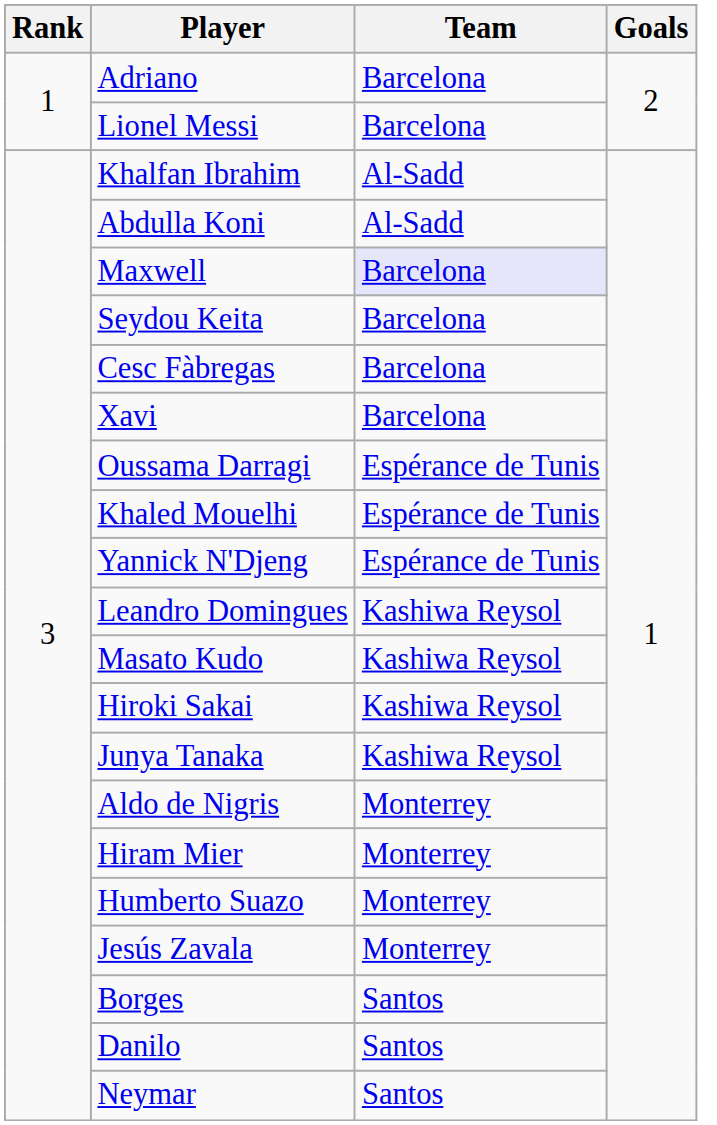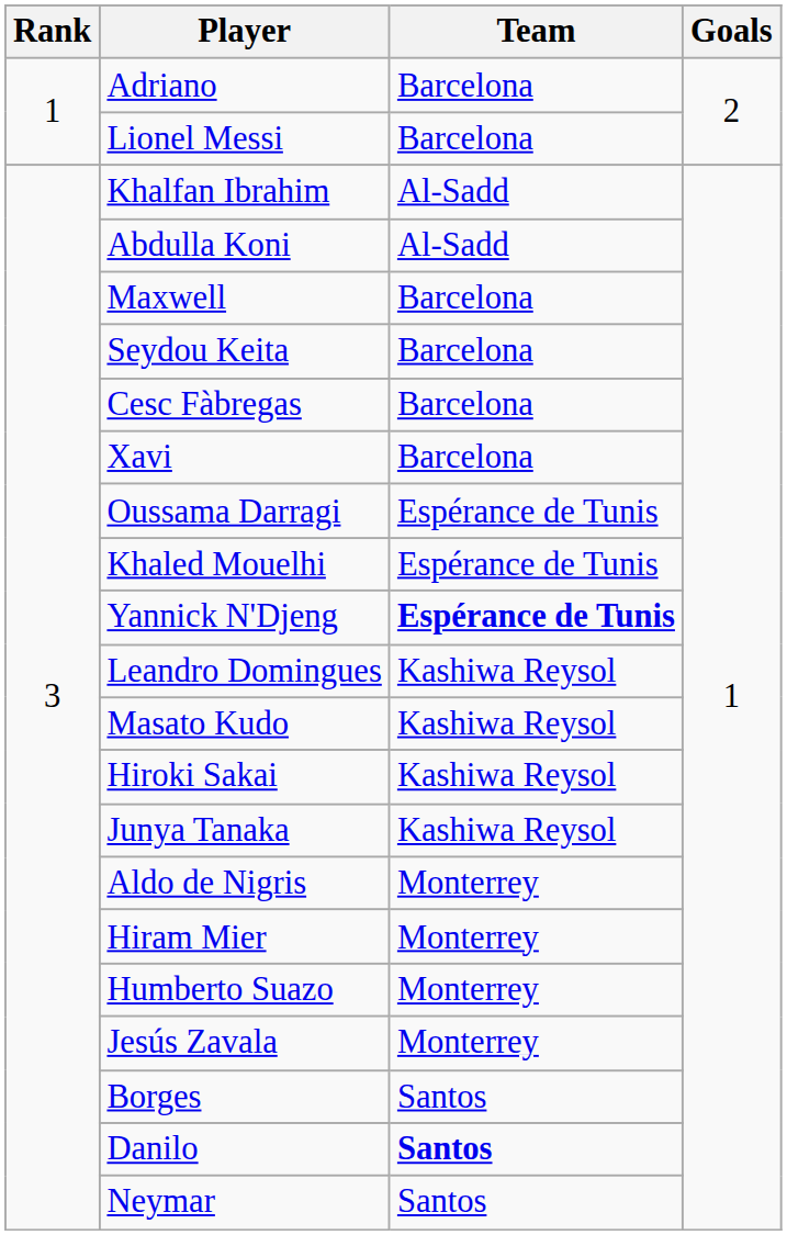 <table class="wikitable" style="text-align:center">
 <tr>
 <th>Rank</th>
 <th>Player</th>
 <th>Team</th>
 <th>Goals</th>
 </tr>
 <tr>
 <td rowspan=2>1</td>
 <td style="text-align:left"> <a href='#'>Adriano</a></td>
 <td style="text-align:left"> <a href='#'>Barcelona</a></td>
 <td rowspan=2>2</td>
 </tr>
 <tr>
 <td style="text-align:left"> <a href='#'>Lionel Messi</a></td>
 <td style="text-align:left"> <a href='#'>Barcelona</a></td>
 </tr>
 <tr>
 <td rowspan=20>3</td>
 <td style="text-align:left"> <a href='#'>Khalfan Ibrahim</a></td>
 <td style="text-align:left"> <a href='#'>Al-Sadd</a></td>
 <td rowspan=20>1</td>
 </tr>
 <tr>
 <td style="text-align:left"> <a href='#'>Abdulla Koni</a></td>
 <td style="text-align:left"> <a href='#'>Al-Sadd</a></td>
 </tr>
 <tr>
 <td style="text-align:left"> <a href='#'>Maxwell</a></td>
-<td style="background: lavender; text-align:left"> <a href='#'>Barcelona</a></td>
+<td style="text-align:left"> <a href='#'>Barcelona</a></td>
 </tr>
 <tr>
 <td style="text-align:left"> <a href='#'>Seydou Keita</a></td>
 <td style="text-align:left"> <a href='#'>Barcelona</a></td>
 </tr>
 <tr>
 <td style="text-align:left"> <a href='#'>Cesc Fàbregas</a></td>
 <td style="text-align:left"> <a href='#'>Barcelona</a></td>
 </tr>
 <tr>
 <td style="text-align:left"> <a href='#'>Xavi</a></td>
 <td style="text-align:left"> <a href='#'>Barcelona</a></td>
 </tr>
 <tr>
 <td style="text-align:left"> <a href='#'>Oussama Darragi</a></td>
 <td style="text-align:left"> <a href='#'>Espérance de Tunis</a></td>
 </tr>
 <tr>
 <td style="text-align:left"> <a href='#'>Khaled Mouelhi</a></td>
 <td style="text-align:left"> <a href='#'>Espérance de Tunis</a></td>
 </tr>
 <tr>
 <td style="text-align:left"> <a href='#'>Yannick N'Djeng</a></td>
-<td style="text-align:left"> <a href='#'>Espérance de Tunis</a></td>
+<td style="text-align:left"><strong> <a href='#'>Espérance de Tunis</a></strong></td>
 </tr>
 <tr>
 <td style="text-align:left"> <a href='#'>Leandro Domingues</a></td>
 <td style="text-align:left"> <a href='#'>Kashiwa Reysol</a></td>
 </tr>
 <tr>
 <td style="text-align:left"> <a href='#'>Masato Kudo</a></td>
 <td style="text-align:left"> <a href='#'>Kashiwa Reysol</a></td>
 </tr>
 <tr>
 <td style="text-align:left"> <a href='#'>Hiroki Sakai</a></td>
 <td style="text-align:left"> <a href='#'>Kashiwa Reysol</a></td>
 </tr>
 <tr>
 <td style="text-align:left"> <a href='#'>Junya Tanaka</a></td>
 <td style="text-align:left"> <a href='#'>Kashiwa Reysol</a></td>
 </tr>
 <tr>
 <td style="text-align:left"> <a href='#'>Aldo de Nigris</a></td>
 <td style="text-align:left"> <a href='#'>Monterrey</a></td>
 </tr>
 <tr>
 <td style="text-align:left"> <a href='#'>Hiram Mier</a></td>
 <td style="text-align:left"> <a href='#'>Monterrey</a></td>
 </tr>
 <tr>
 <td style="text-align:left"> <a href='#'>Humberto Suazo</a></td>
 <td style="text-align:left"> <a href='#'>Monterrey</a></td>
 </tr>
 <tr>
 <td style="text-align:left"> <a href='#'>Jesús Zavala</a></td>
 <td style="text-align:left"> <a href='#'>Monterrey</a></td>
 </tr>
 <tr>
 <td style="text-align:left"> <a href='#'>Borges</a></td>
 <td style="text-align:left"> <a href='#'>Santos</a></td>
 </tr>
 <tr>
 <td style="text-align:left"> <a href='#'>Danilo</a></td>
-<td style="text-align:left"> <a href='#'>Santos</a></td>
+<td style="text-align:left"><strong> <a href='#'>Santos</a></strong></td>
 </tr>
 <tr>
 <td style="text-align:left"> <a href='#'>Neymar</a></td>
 <td style="text-align:left"> <a href='#'>Santos</a></td>
 </tr>
 </table>
